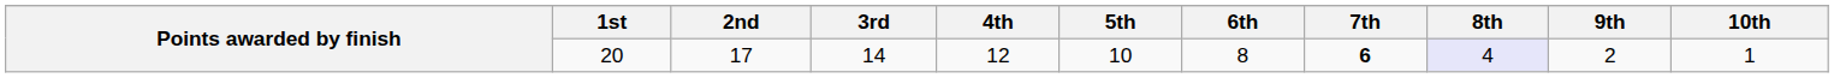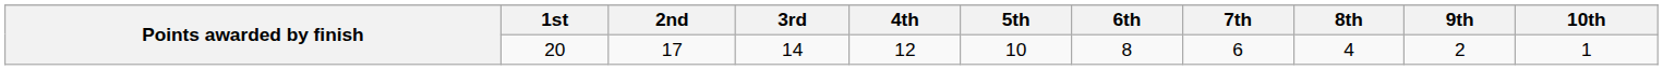 <table class="wikitable" width=100% style="text-align:center;font-size:90%;">
 <tr>
 </tr>
 <tr style="background:#efefef;">
 <th rowspan=2 width=30%>Points awarded by finish</th>
 <th>1st</th>
 <th>2nd</th>
 <th>3rd</th>
 <th>4th</th>
 <th>5th</th>
 <th>6th</th>
 <th>7th</th>
 <th>8th</th>
 <th>9th</th>
 <th>10th</th>
 </tr>
 <tr>
 <td>20</td>
 <td>17</td>
 <td>14</td>
 <td>12</td>
 <td>10</td>
 <td>8</td>
-<td><strong>6</strong></td>
-<td style="background: lavender;">4</td>
+<td>6</td>
+<td>4</td>
 <td>2</td>
 <td>1</td>
 </tr>
 </table>
